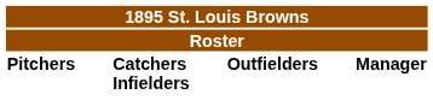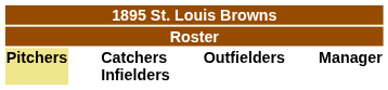 <table class="toccolours" style="font-size: 95%;">
 <tr>
 <th colspan="10" style="background-color: #964B00; color: white; text-align: center;">1895 St. Louis Browns</th>
 </tr>
 <tr>
 <td colspan="10" style="background-color: #964B00; color: white; text-align: center;"><strong>Roster</strong></td>
 </tr>
 <tr>
-<td valign="top"><strong>Pitchers</strong><br>       </td>
+<td valign="top" style="background: khaki;"><strong>Pitchers</strong><br>       </td>
 <td width="25px"></td>
 <td valign="top"><strong>Catchers</strong><br>   <strong>Infielders</strong>           </td>
 <td width="25px"></td>
 <td valign="top"><strong>Outfielders</strong><br>     </td>
 <td width="25px"></td>
 <td valign="top"><strong>Manager</strong><br>   </td>
 </tr>
 </table>
